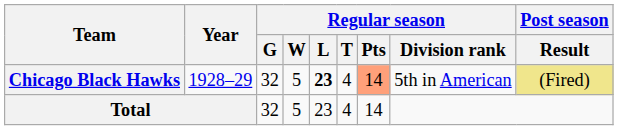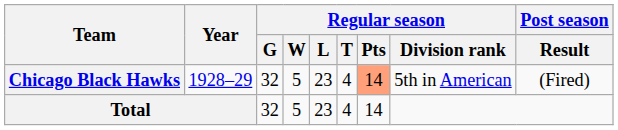 <table class="wikitable" style="font-size: 95%; text-align:center;">
 <tr>
 <th rowspan="2">Team</th>
 <th rowspan="2">Year</th>
 <th colspan="6"><a href='#'>Regular season</a></th>
 <th colspan="1"><a href='#'>Post season</a></th>
 </tr>
 <tr>
 <th>G</th>
 <th>W</th>
 <th>L</th>
 <th>T</th>
 <th>Pts</th>
 <th>Division rank</th>
 <th>Result</th>
 </tr>
 <tr>
 <th><a href='#'>Chicago Black Hawks</a></th>
 <td><a href='#'>1928–29</a></td>
 <td>32</td>
 <td>5</td>
-<td><strong>23</strong></td>
+<td>23</td>
 <td>4</td>
 <td style="background: lightsalmon;">14</td>
 <td>5th in <a href='#'>American</a></td>
-<td style="background: khaki;">(Fired)</td>
+<td>(Fired)</td>
 </tr>
 <tr>
 <th colspan="2">Total</th>
 <td>32</td>
 <td>5</td>
 <td>23</td>
 <td>4</td>
 <td>14</td>
 </tr>
 </table>
